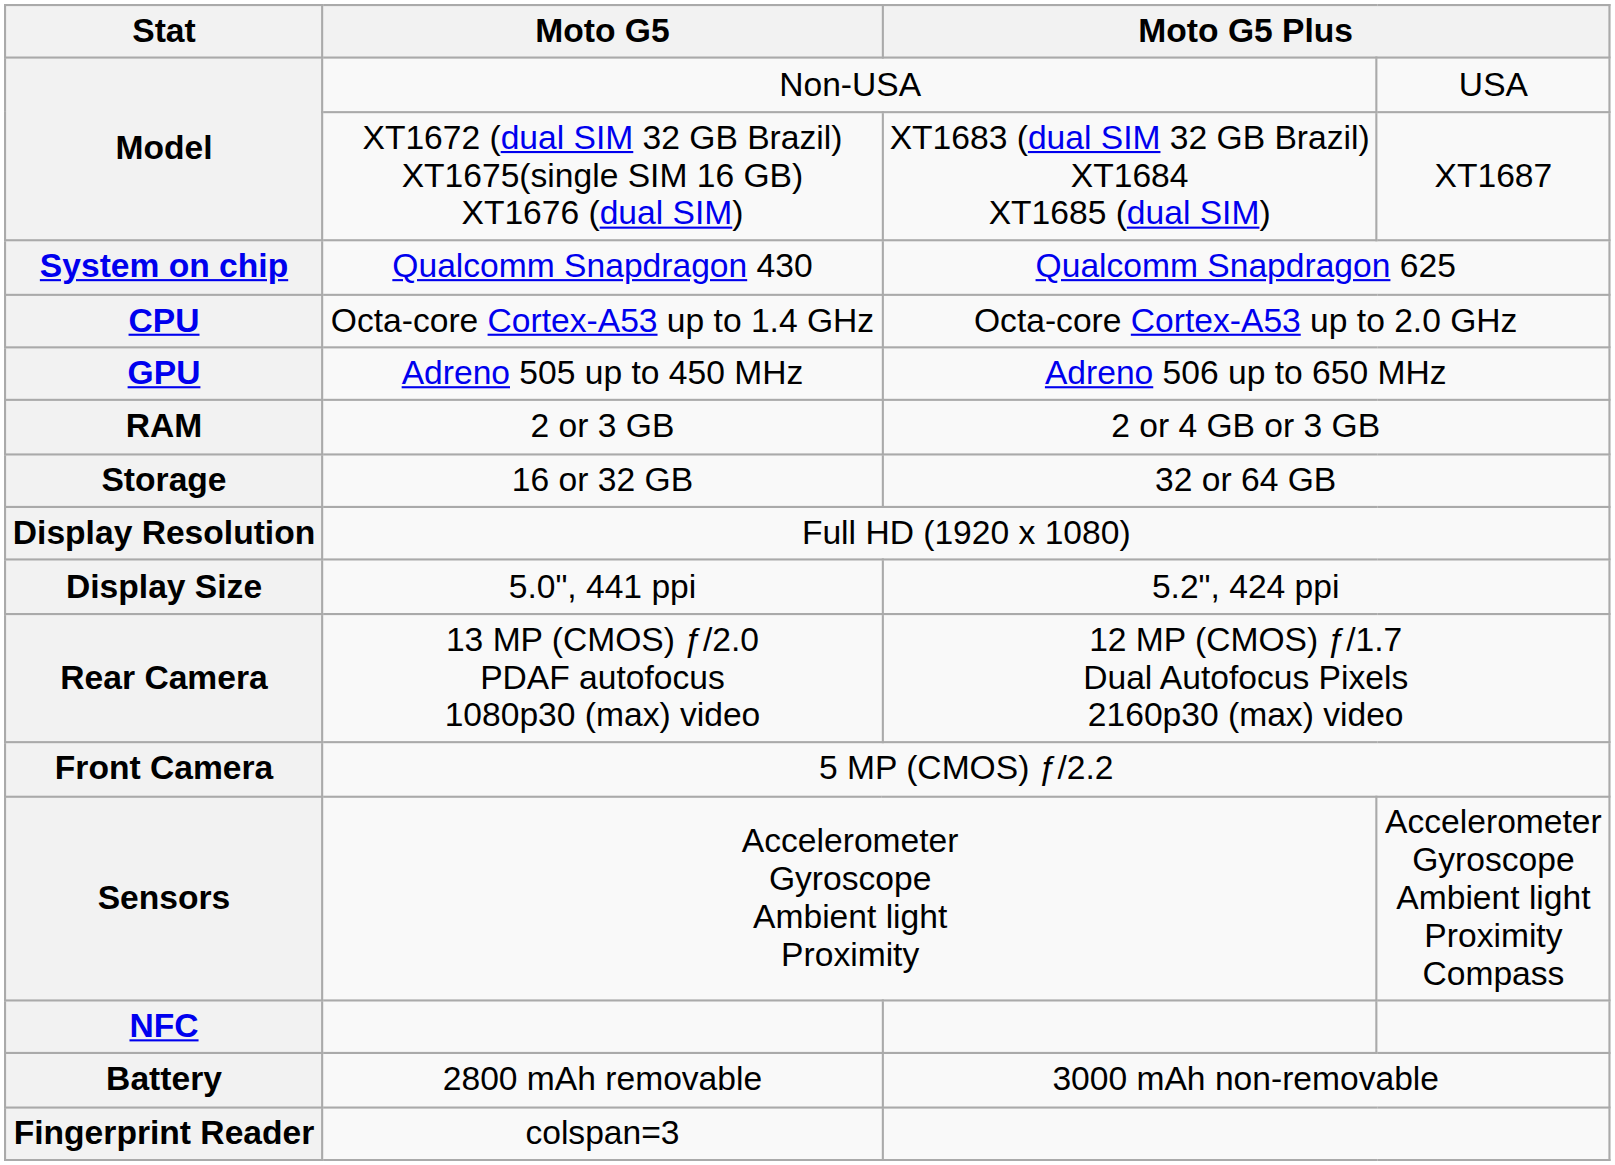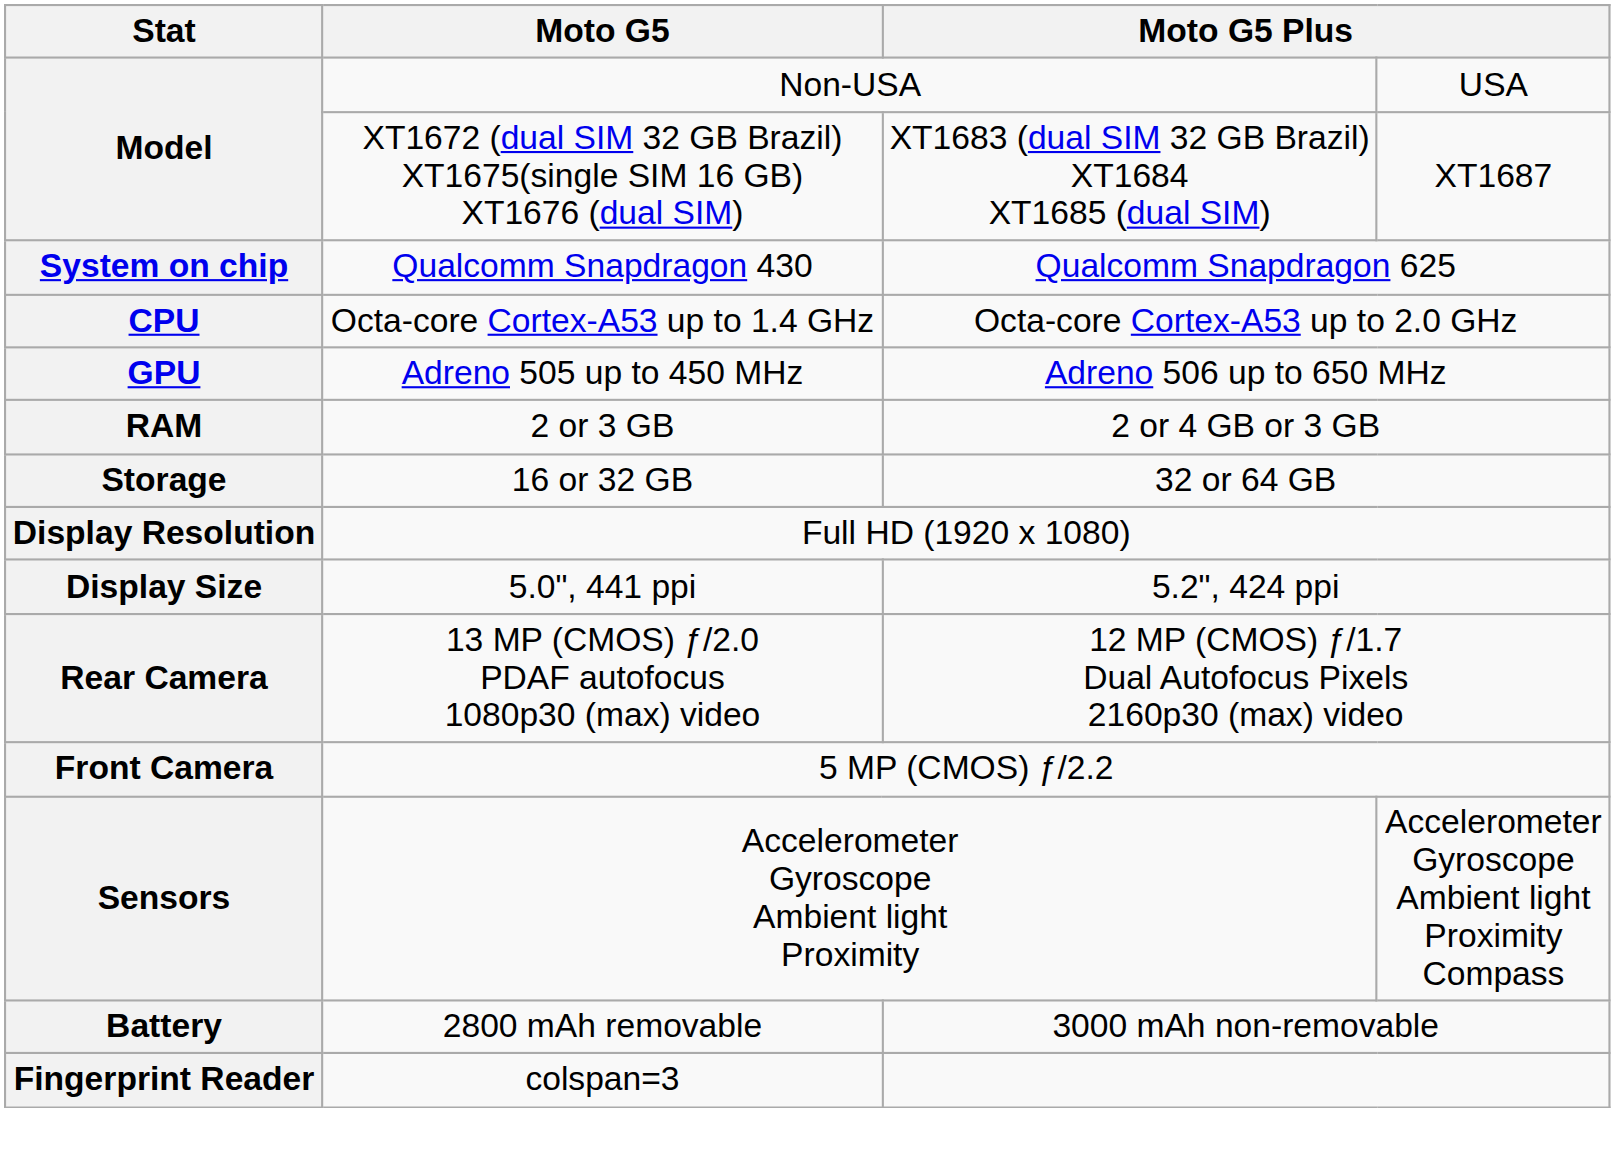 <table class="wikitable" style="text-align: center">
 <tr>
 <th>Stat</th>
 <th>Moto G5</th>
 <th colspan=2>Moto G5 Plus</th>
 </tr>
 <tr>
 <th rowspan=2>Model</th>
 <td colspan=2>Non-USA</td>
 <td>USA</td>
 </tr>
 <tr>
 <td>XT1672 (<a href='#'>dual SIM</a> 32 GB Brazil)<br>XT1675(single SIM 16 GB)<br>XT1676 (<a href='#'>dual SIM</a>)</td>
 <td>XT1683 (<a href='#'>dual SIM</a> 32 GB Brazil)<br>XT1684<br>XT1685 (<a href='#'>dual SIM</a>)</td>
 <td>XT1687</td>
 </tr>
 <tr>
 <th><a href='#'>System on chip</a></th>
 <td><a href='#'>Qualcomm Snapdragon</a> 430</td>
 <td colspan=2><a href='#'>Qualcomm Snapdragon</a> 625</td>
 </tr>
 <tr>
 <th><a href='#'>CPU</a></th>
 <td>Octa-core <a href='#'>Cortex-A53</a> up to 1.4 GHz</td>
 <td colspan=2>Octa-core <a href='#'>Cortex-A53</a> up to 2.0 GHz</td>
 </tr>
 <tr>
 <th><a href='#'>GPU</a></th>
 <td><a href='#'>Adreno</a> 505 up to 450 MHz</td>
 <td colspan=2><a href='#'>Adreno</a> 506 up to 650 MHz</td>
 </tr>
 <tr>
 <th>RAM</th>
 <td>2 or 3 GB</td>
 <td colspan=2>2 or 4 GB or 3 GB</td>
 </tr>
 <tr>
 <th>Storage</th>
 <td>16 or 32 GB</td>
 <td colspan=2>32 or 64 GB</td>
 </tr>
 <tr>
 <th>Display Resolution</th>
 <td colspan=3>Full HD (1920 x 1080)</td>
 </tr>
 <tr>
 <th>Display Size</th>
 <td>5.0", 441 ppi</td>
 <td colspan=2>5.2", 424 ppi</td>
 </tr>
 <tr>
 <th>Rear Camera</th>
 <td>13 MP (CMOS) ƒ/2.0<br>PDAF autofocus<br>1080p30 (max) video</td>
 <td colspan="2">12 MP (CMOS) ƒ/1.7<br>Dual Autofocus Pixels<br>2160p30 (max) video</td>
 </tr>
 <tr>
 <th>Front Camera</th>
 <td colspan=3>5 MP (CMOS) ƒ/2.2</td>
 </tr>
 <tr>
 <th>Sensors</th>
 <td colspan=2>Accelerometer<br>Gyroscope<br>Ambient light<br>Proximity</td>
 <td>Accelerometer<br>Gyroscope<br>Ambient light<br>Proximity<br>Compass</td>
 </tr>
 <tr>
-<th><a href='#'>NFC</a></th>
-<td></td>
-<td></td>
-<td></td>
-</tr>
-<tr>
 <th>Battery</th>
 <td>2800 mAh removable</td>
 <td colspan=2>3000 mAh non-removable</td>
 </tr>
 <tr>
 <th>Fingerprint Reader</th>
 <td>colspan=3 </td>
 </tr>
 </table>
